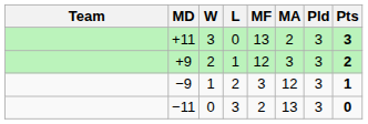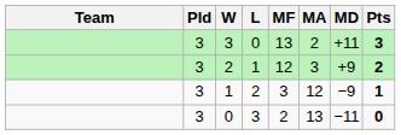 <table class="wikitable" style="text-align:center">
 <tr>
 <th width="175">Team</th>
-<th width="20">MD</th>
+<th width="20">Pld</th>
 <th width="20">W</th>
 <th width="20">L</th>
 <th width="20">MF</th>
 <th width="20">MA</th>
-<th width="20">Pld</th>
+<th width="20">MD</th>
 <th width="20">Pts</th>
 </tr>
 <tr bgcolor="bbf3bb">
 <td align="left"></td>
-<td>+11</td>
+<td>3</td>
 <td>3</td>
 <td>0</td>
 <td>13</td>
 <td>2</td>
-<td>3</td>
+<td>+11</td>
 <td><strong>3</strong></td>
 </tr>
 <tr bgcolor="bbf3bb">
 <td align="left"></td>
-<td>+9</td>
+<td>3</td>
 <td>2</td>
 <td>1</td>
 <td>12</td>
 <td>3</td>
-<td>3</td>
+<td>+9</td>
 <td><strong>2</strong></td>
 </tr>
 <tr>
 <td align="left"></td>
-<td>−9</td>
+<td>3</td>
 <td>1</td>
 <td>2</td>
 <td>3</td>
 <td>12</td>
-<td>3</td>
+<td>−9</td>
 <td><strong>1</strong></td>
 </tr>
 <tr>
 <td align="left"></td>
-<td>−11</td>
+<td>3</td>
 <td>0</td>
 <td>3</td>
 <td>2</td>
 <td>13</td>
-<td>3</td>
+<td>−11</td>
 <td><strong>0</strong></td>
 </tr>
 </table>
